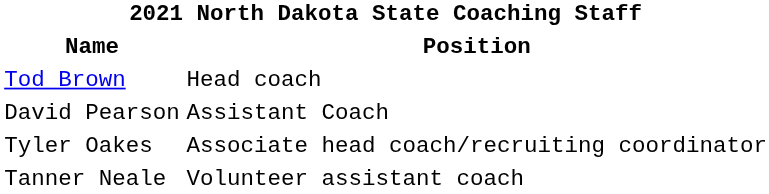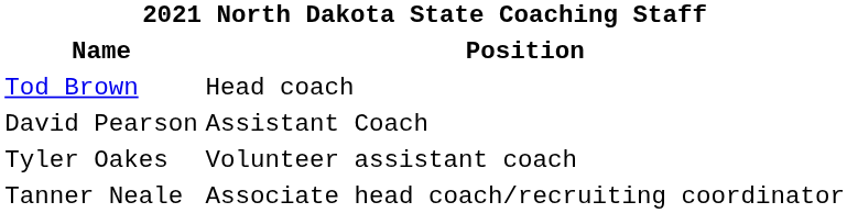 <table class="toccolours" style-"text-align: left; font-size:90;">
 <tr>
 <th colspan="9">2021 North Dakota State Coaching Staff</th>
 </tr>
 <tr>
 <th>Name</th>
 <th>Position</th>
 </tr>
 <tr>
 <td><a href='#'>Tod Brown</a></td>
 <td>Head coach</td>
 </tr>
 <tr>
 <td>David Pearson</td>
 <td>Assistant Coach</td>
 </tr>
 <tr>
 <td>Tyler Oakes</td>
-<td>Associate head coach/recruiting coordinator</td>
+<td>Volunteer assistant coach</td>
 </tr>
 <tr>
 <td>Tanner Neale</td>
-<td>Volunteer assistant coach</td>
+<td>Associate head coach/recruiting coordinator</td>
 </tr>
 </table>
